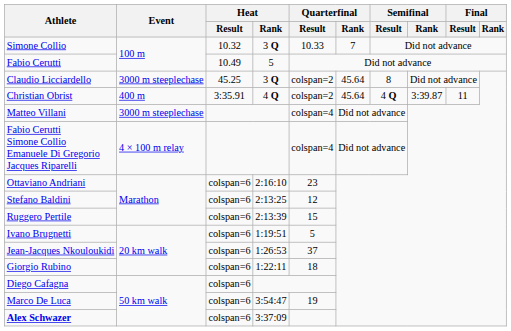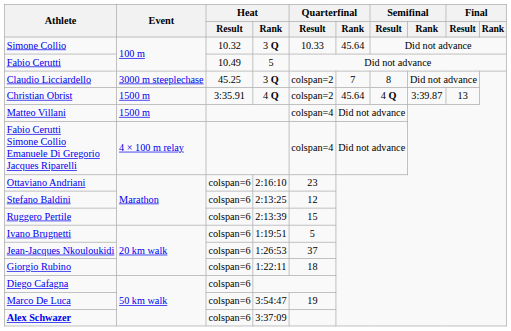 <table class=wikitable style="font-size:90%">
 <tr>
 <th rowspan="2">Athlete</th>
 <th rowspan="2">Event</th>
 <th colspan="2">Heat</th>
 <th colspan="2">Quarterfinal</th>
 <th colspan="2">Semifinal</th>
 <th colspan="2">Final</th>
 </tr>
 <tr style="font-size:95%">
 <th>Result</th>
 <th>Rank</th>
 <th>Result</th>
 <th>Rank</th>
 <th>Result</th>
 <th>Rank</th>
 <th>Result</th>
 <th>Rank</th>
 </tr>
 <tr align=center>
 <td align=left><a href='#'>Simone Collio</a></td>
 <td align=left rowspan=2><a href='#'>100 m</a></td>
 <td>10.32</td>
 <td>3 <strong>Q</strong></td>
 <td>10.33</td>
-<td>7</td>
+<td>45.64</td>
 <td colspan=4>Did not advance</td>
 </tr>
 <tr align=center>
 <td align=left><a href='#'>Fabio Cerutti</a></td>
 <td>10.49</td>
 <td>5</td>
 <td colspan=6>Did not advance</td>
 </tr>
 <tr align=center>
 <td align=left><a href='#'>Claudio Licciardello</a></td>
 <td align=left><a href='#'>3000 m steeplechase</a></td>
 <td>45.25</td>
 <td>3 <strong>Q</strong></td>
 <td>colspan=2 </td>
-<td>45.64</td>
+<td>7</td>
 <td>8</td>
 <td colspan=2>Did not advance</td>
 </tr>
 <tr align=center>
 <td align=left><a href='#'>Christian Obrist</a></td>
-<td align=left><a href='#'>400 m</a></td>
+<td align=left><a href='#'>1500 m</a></td>
 <td>3:35.91</td>
 <td>4 <strong>Q</strong></td>
 <td>colspan=2 </td>
 <td>45.64</td>
 <td>4 <strong>Q</strong></td>
 <td>3:39.87</td>
-<td>11</td>
+<td>13</td>
 </tr>
 <tr align=center>
 <td align=left><a href='#'>Matteo Villani</a></td>
-<td align=left><a href='#'>3000 m steeplechase</a></td>
+<td align=left><a href='#'>1500 m</a></td>
 <td colspan=2></td>
 <td>colspan=4 </td>
 <td colspan=2>Did not advance</td>
 </tr>
 <tr align=center>
 <td align=left><a href='#'>Fabio Cerutti</a><br><a href='#'>Simone Collio</a><br><a href='#'>Emanuele Di Gregorio</a><br><a href='#'>Jacques Riparelli</a></td>
 <td align=left><a href='#'>4 × 100 m relay</a></td>
 <td colspan=2></td>
 <td>colspan=4 </td>
 <td colspan=2>Did not advance</td>
 </tr>
 <tr align=center>
 <td align=left><a href='#'>Ottaviano Andriani</a></td>
 <td align=left rowspan=3><a href='#'>Marathon</a></td>
 <td>colspan=6 </td>
 <td>2:16:10</td>
 <td>23</td>
 </tr>
 <tr align=center>
 <td align=left><a href='#'>Stefano Baldini</a></td>
 <td>colspan=6 </td>
 <td>2:13:25</td>
 <td>12</td>
 </tr>
 <tr align=center>
 <td align=left><a href='#'>Ruggero Pertile</a></td>
 <td>colspan=6 </td>
 <td>2:13:39</td>
 <td>15</td>
 </tr>
 <tr align=center>
 <td align=left><a href='#'>Ivano Brugnetti</a></td>
 <td align=left rowspan=3><a href='#'>20 km walk</a></td>
 <td>colspan=6 </td>
 <td>1:19:51</td>
 <td>5</td>
 </tr>
 <tr align=center>
 <td align=left><a href='#'>Jean-Jacques Nkouloukidi</a></td>
 <td>colspan=6 </td>
 <td>1:26:53</td>
 <td>37</td>
 </tr>
 <tr align=center>
 <td align=left><a href='#'>Giorgio Rubino</a></td>
 <td>colspan=6 </td>
 <td>1:22:11</td>
 <td>18</td>
 </tr>
 <tr align=center>
 <td align=left><a href='#'>Diego Cafagna</a></td>
 <td align=left rowspan=3><a href='#'>50 km walk</a></td>
 <td>colspan=6 </td>
 <td colspan=2></td>
 </tr>
 <tr align=center>
 <td align=left><a href='#'>Marco De Luca</a></td>
 <td>colspan=6 </td>
 <td>3:54:47</td>
 <td>19</td>
 </tr>
 <tr align=center>
 <td align=left><strong><a href='#'>Alex Schwazer</a></strong></td>
 <td>colspan=6 </td>
 <td>3:37:09 </td>
 <td></td>
 </tr>
 </table>
